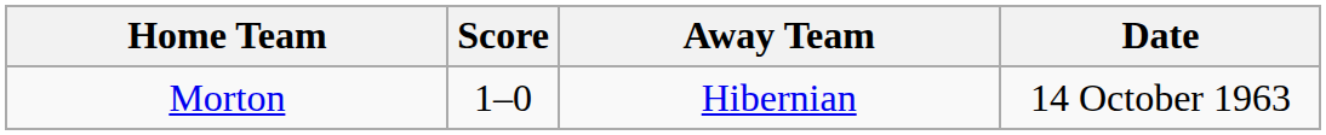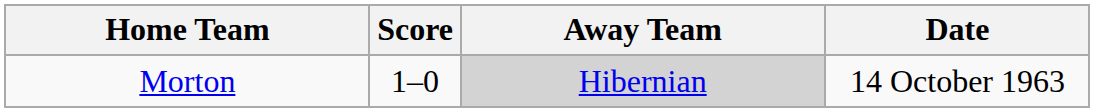 <table class="wikitable" style="text-align:center;">
 <tr>
 <th width=175>Home Team</th>
 <th width=20>Score</th>
 <th width=175>Away Team</th>
 <th width= 125>Date</th>
 </tr>
 <tr>
 <td><a href='#'>Morton</a></td>
 <td>1–0</td>
-<td><a href='#'>Hibernian</a></td>
+<td style="background: lightgrey;"><a href='#'>Hibernian</a></td>
 <td>14 October 1963</td>
 </tr>
 <tr>
 </tr>
 </table>
